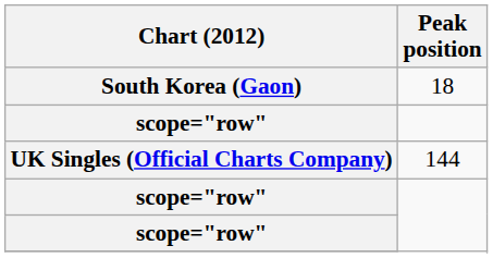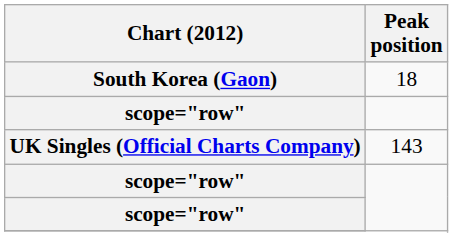 <table class="wikitable sortable plainrowheaders" style="text-align:center;">
 <tr>
 <th scope="col">Chart (2012)</th>
 <th scope="col">Peak<br>position</th>
 </tr>
 <tr>
 <th scope="row">South Korea (<a href='#'>Gaon</a>)</th>
 <td align=center>18</td>
 </tr>
 <tr>
 <th>scope="row"</th>
 </tr>
 <tr>
 <th scope="row">UK Singles (<a href='#'>Official Charts Company</a>)</th>
-<td>144</td>
+<td>143</td>
 </tr>
 <tr>
 <th>scope="row"</th>
 </tr>
 <tr>
 <th>scope="row"</th>
 </tr>
 <tr>
 </tr>
 </table>
